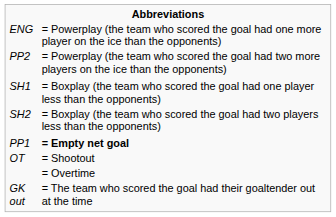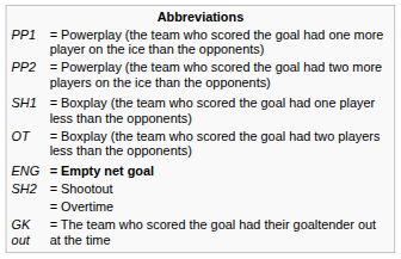 <table class="infobox" style="width: 30em;">
 <tr>
 <th colspan=2>Abbreviations</th>
 </tr>
 <tr>
-<td><em>ENG</em></td>
+<td><em>PP1</em></td>
 <td>= Powerplay (the team who scored the goal had one more player on the ice than the opponents)</td>
 </tr>
 <tr>
 <td><em>PP2</em></td>
 <td>= Powerplay (the team who scored the goal had two more players on the ice than the opponents)</td>
 </tr>
 <tr>
 <td></td>
 </tr>
 <tr>
 <td><em>SH1</em></td>
 <td>= Boxplay (the team who scored the goal had one player less than the opponents)</td>
 </tr>
 <tr>
-<td><em>SH2</em></td>
+<td><em>OT</em></td>
 <td>= Boxplay (the team who scored the goal had two players less than the opponents)</td>
 </tr>
 <tr>
 <td></td>
 </tr>
 <tr>
-<td><em>PP1</em></td>
+<td><em>ENG</em></td>
 <td><strong>= Empty net goal</strong></td>
 </tr>
 <tr>
-<td><em>OT</em></td>
+<td><em>SH2</em></td>
 <td>= Shootout</td>
 </tr>
 <tr>
 <td></td>
 <td>= Overtime</td>
 </tr>
 <tr>
 <td><em>GK out</em></td>
 <td>= The team who scored the goal had their goaltender out at the time</td>
 </tr>
 </table>
